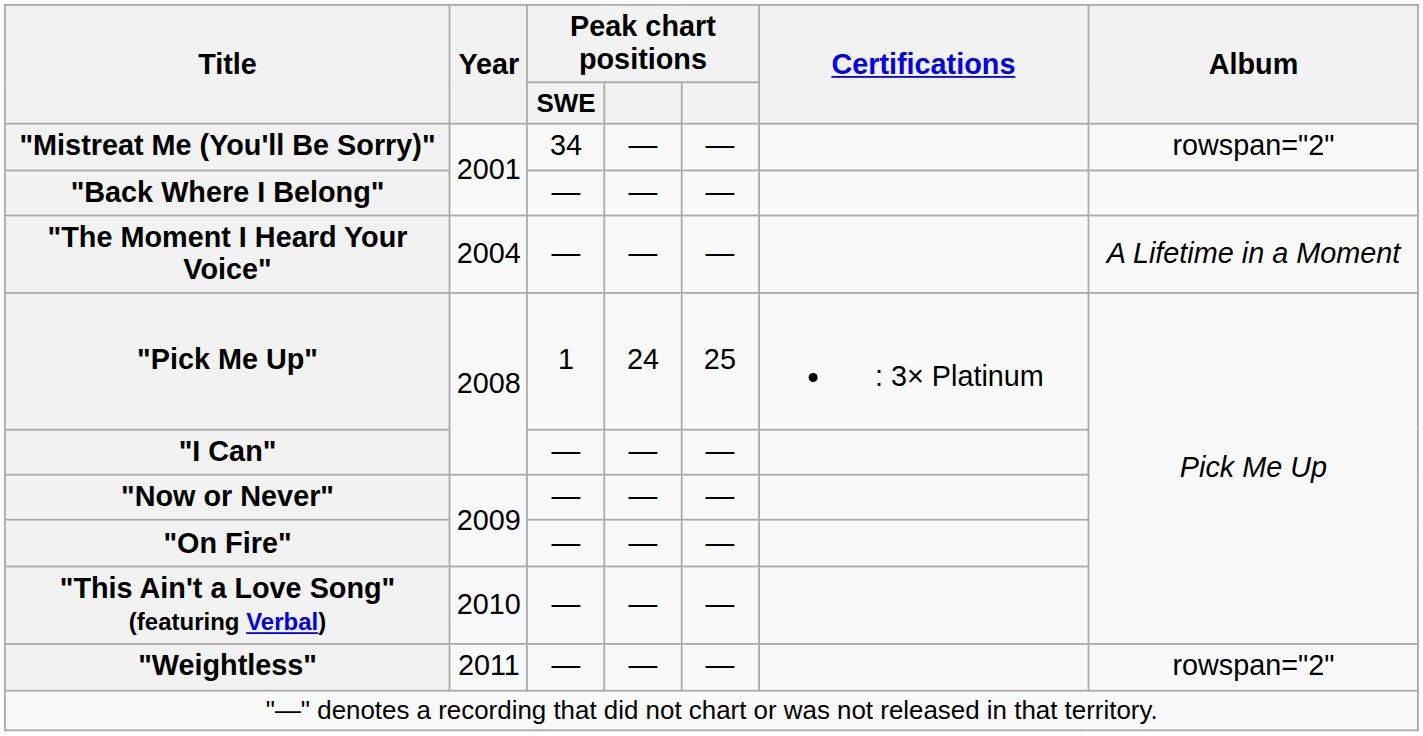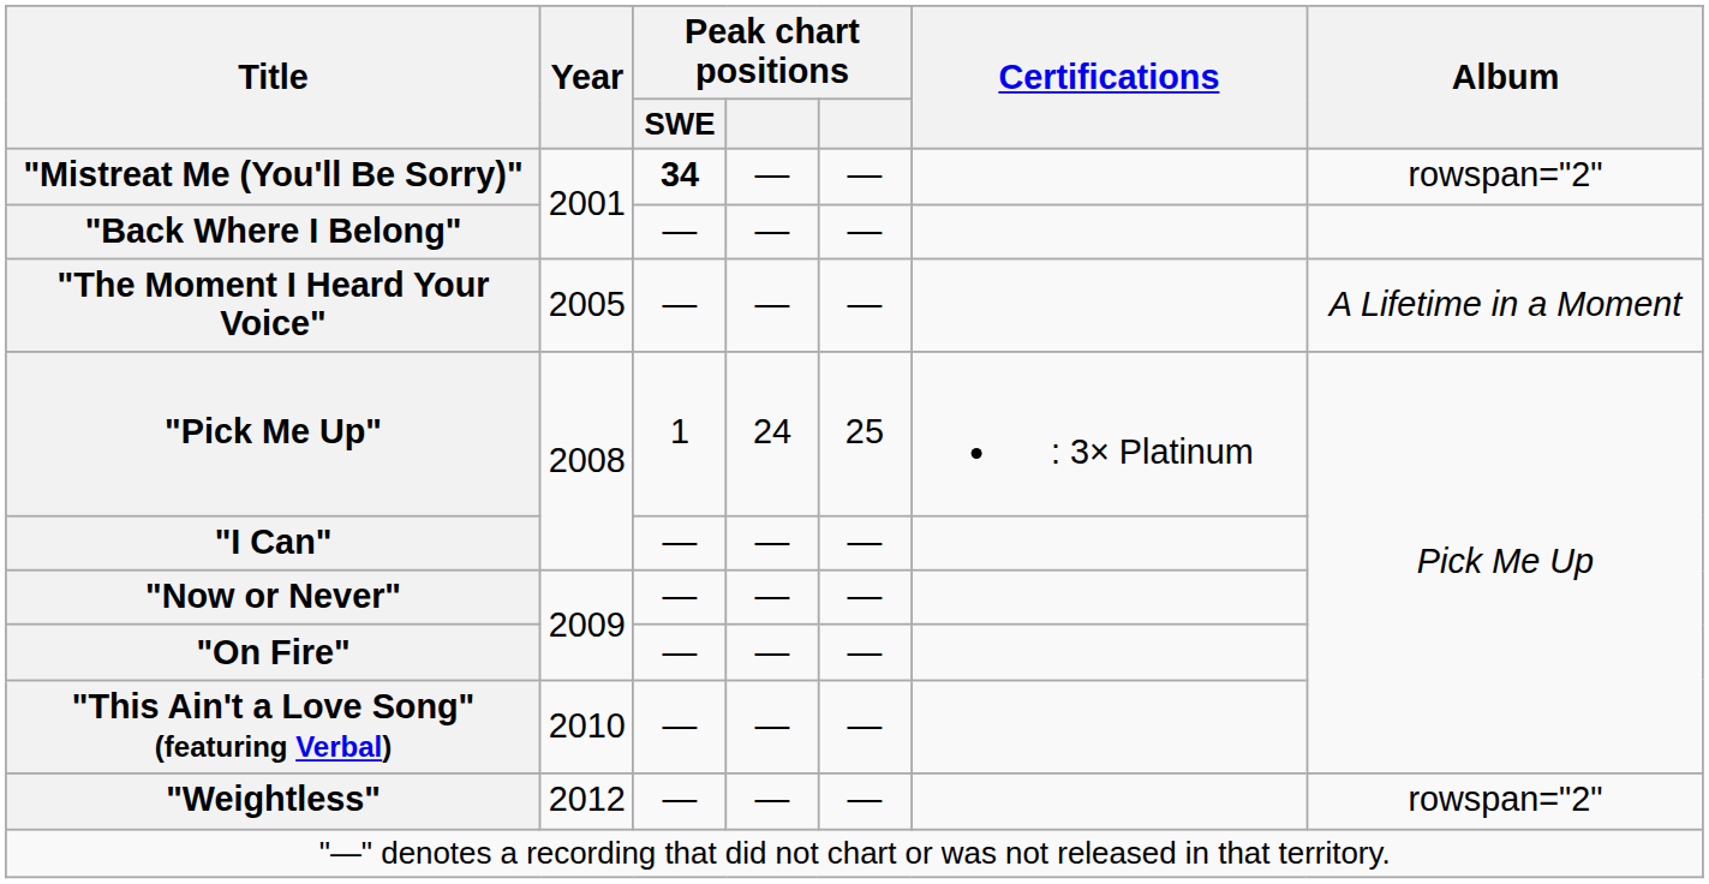 <table class="wikitable plainrowheaders" style="text-align:center;">
 <tr>
 <th scope="col" rowspan="2" style="width:15em;">Title</th>
 <th scope="col" rowspan="2" style="width:1em;">Year</th>
 <th colspan="3" scope="col">Peak chart positions</th>
 <th scope="col" rowspan="2" style="width:11em;"><a href='#'>Certifications</a></th>
 <th scope="col" rowspan="2" style="width:11em;">Album</th>
 </tr>
 <tr>
 <th scope="col" style="width:2.5em;font-size:90%;">SWE<br></th>
 <th scope="col" style="width:2.5em;font-size:90%;"><a href='#'></a><br></th>
 <th scope="col" style="width:2.5em;font-size:90%;"><a href='#'></a><br></th>
 </tr>
 <tr>
 <th scope="row">"Mistreat Me (You'll Be Sorry)"<br></th>
 <td rowspan="2">2001</td>
-<td>34</td>
+<td><strong>34</strong></td>
 <td>—</td>
 <td>—</td>
 <td></td>
 <td>rowspan="2" </td>
 </tr>
 <tr>
 <th scope="row">"Back Where I Belong"<br></th>
 <td>—</td>
 <td>—</td>
 <td>—</td>
 <td></td>
 </tr>
 <tr>
 <th scope="row">"The Moment I Heard Your Voice"</th>
-<td rowspan="1">2004</td>
+<td rowspan="1">2005</td>
 <td>—</td>
 <td>—</td>
 <td>—</td>
 <td></td>
 <td rowspan="1"><em>A Lifetime in a Moment</em></td>
 </tr>
 <tr>
 <th scope="row">"Pick Me Up"</th>
 <td rowspan="2">2008</td>
 <td>1</td>
 <td>24</td>
 <td>25</td>
 <td><br><ul><li><a href='#'></a>: 3× Platinum</li></ul></td>
 <td rowspan="5"><em>Pick Me Up</em></td>
 </tr>
 <tr>
 <th scope="row">"I Can"</th>
 <td>—</td>
 <td>—</td>
 <td>—</td>
 <td></td>
 </tr>
 <tr>
 <th scope="row">"Now or Never"</th>
 <td rowspan="2">2009</td>
 <td>—</td>
 <td>—</td>
 <td>—</td>
 <td></td>
 </tr>
 <tr>
 <th scope="row">"On Fire"</th>
 <td>—</td>
 <td>—</td>
 <td>—</td>
 <td></td>
 </tr>
 <tr>
 <th scope="row">"This Ain't a Love Song"<br><small>(featuring <a href='#'>Verbal</a>)</small></th>
 <td rowspan="1">2010</td>
 <td>—</td>
 <td>—</td>
 <td>—</td>
 <td></td>
 </tr>
 <tr>
 <th scope="row">"Weightless"</th>
-<td rowspan="1">2011</td>
+<td rowspan="1">2012</td>
 <td>—</td>
 <td>—</td>
 <td>—</td>
 <td></td>
 <td>rowspan="2" </td>
 </tr>
 <tr>
 <td colspan="18" style="font-size:90%">"—" denotes a recording that did not chart or was not released in that territory.</td>
 </tr>
 </table>
